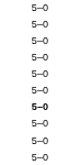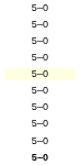 <table style="font-size:90%">
 <tr>
 <td colspan="3"></td>
 </tr>
 <tr>
 <td align="right"><strong></strong></td>
 <td align="center">5–0</td>
 <td></td>
 </tr>
 <tr>
 <td colspan="3"></td>
 </tr>
 <tr>
 <td align="right"><strong></strong></td>
 <td align="center">5–0</td>
 <td></td>
 </tr>
 <tr>
 <td colspan="3"></td>
 </tr>
 <tr>
 <td align="right"><strong></strong></td>
 <td align="center">5–0</td>
 <td></td>
 </tr>
 <tr>
 <td colspan="3"></td>
 </tr>
 <tr>
 <td align="right"><strong></strong></td>
 <td align="center">5–0</td>
 <td></td>
 </tr>
 <tr>
 <td colspan="3"></td>
 </tr>
 <tr>
 <td align="right"><strong></strong></td>
-<td align="center">5–0</td>
+<td align="center" style="background: lightyellow;">5–0</td>
 <td></td>
 </tr>
 <tr>
 <td colspan="3"></td>
 </tr>
 <tr>
 <td align="right"><strong></strong></td>
 <td align="center">5–0</td>
 <td></td>
 </tr>
 <tr>
 <td colspan="3"></td>
 </tr>
 <tr>
 <td width="150" align="right"><strong></strong></td>
-<td width="100" align="center"><strong>5–0</strong></td>
+<td width="100" align="center">5–0</td>
 <td></td>
 </tr>
 <tr>
 <td colspan="3"></td>
 </tr>
 <tr>
 <td align="right"><strong></strong></td>
 <td align="center">5–0</td>
 <td></td>
 </tr>
 <tr>
 <td colspan="3"></td>
 </tr>
 <tr>
 <td align="right"><strong></strong></td>
 <td align="center">5–0</td>
 <td></td>
 </tr>
 <tr>
 <td colspan="3"></td>
 </tr>
 <tr>
 <td align="right"><strong></strong></td>
-<td align="center">5–0</td>
+<td align="center"><strong>5–0</strong></td>
 <td></td>
 </tr>
 <tr>
 <td colspan="3"></td>
 </tr>
 </table>
